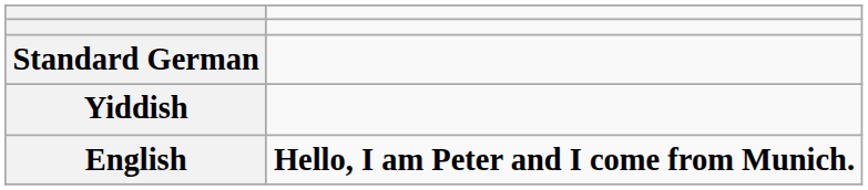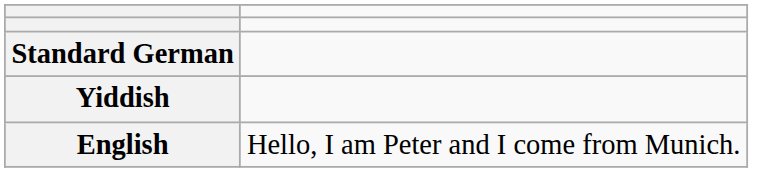 <table class="wikitable">
 <tr>
 <th></th>
 <td></td>
 </tr>
 <tr>
 <th></th>
 <td></td>
 </tr>
 <tr>
 <th>Standard German</th>
 <td><br></td>
 </tr>
 <tr>
 <th>Yiddish</th>
 <td></td>
 </tr>
 <tr>
 <th>English</th>
-<td><strong>Hello, I am Peter and I come from Munich.</strong></td>
+<td>Hello, I am Peter and I come from Munich.</td>
 </tr>
 </table>
